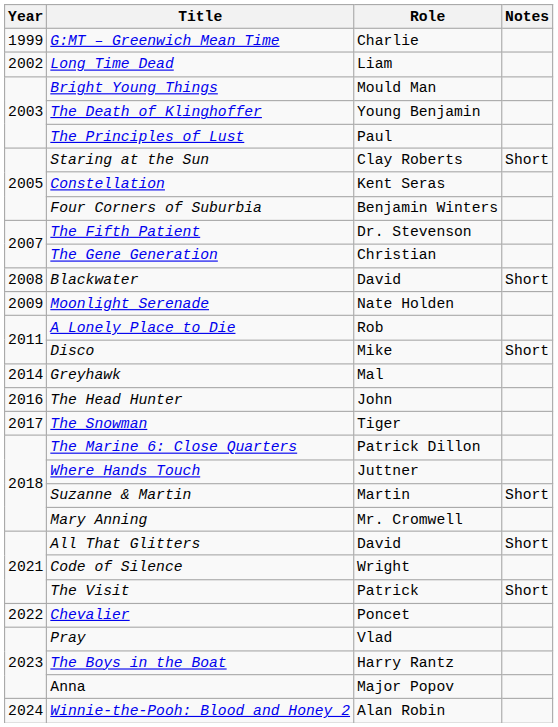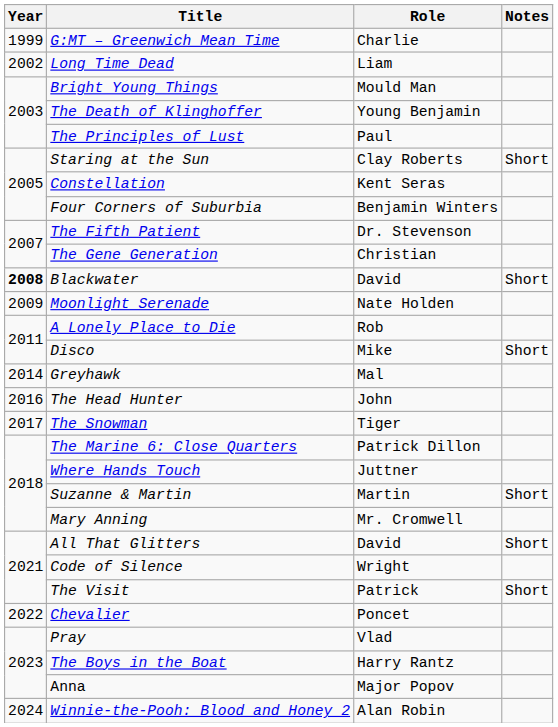 <table class="wikitable">
 <tr>
 <th>Year</th>
 <th>Title</th>
 <th>Role</th>
 <th>Notes</th>
 </tr>
 <tr>
 <td>1999</td>
 <td><em><a href='#'>G:MT – Greenwich Mean Time</a></em></td>
 <td>Charlie</td>
 <td></td>
 </tr>
 <tr>
 <td>2002</td>
 <td><em><a href='#'>Long Time Dead</a></em></td>
 <td>Liam</td>
 <td></td>
 </tr>
 <tr>
 <td rowspan="3">2003</td>
 <td><em><a href='#'>Bright Young Things</a></em></td>
 <td>Mould Man</td>
 <td></td>
 </tr>
 <tr>
 <td><em><a href='#'>The Death of Klinghoffer</a></em></td>
 <td>Young Benjamin</td>
 <td></td>
 </tr>
 <tr>
 <td><em><a href='#'>The Principles of Lust</a></em></td>
 <td>Paul</td>
 <td></td>
 </tr>
 <tr>
 <td rowspan="3">2005</td>
 <td><em>Staring at the Sun</em></td>
 <td>Clay Roberts</td>
 <td>Short</td>
 </tr>
 <tr>
 <td><em><a href='#'>Constellation</a></em></td>
 <td>Kent Seras</td>
 <td></td>
 </tr>
 <tr>
 <td><em>Four Corners of Suburbia</em></td>
 <td>Benjamin Winters</td>
 <td></td>
 </tr>
 <tr>
 <td rowspan="2">2007</td>
 <td><em><a href='#'>The Fifth Patient</a></em></td>
 <td>Dr. Stevenson</td>
 <td></td>
 </tr>
 <tr>
 <td><em><a href='#'>The Gene Generation</a></em></td>
 <td>Christian</td>
 <td></td>
 </tr>
 <tr>
-<td>2008</td>
+<td><strong>2008</strong></td>
 <td><em>Blackwater</em></td>
 <td>David</td>
 <td>Short</td>
 </tr>
 <tr>
 <td>2009</td>
 <td><em><a href='#'>Moonlight Serenade</a></em></td>
 <td>Nate Holden</td>
 <td></td>
 </tr>
 <tr>
 <td rowspan="2">2011</td>
 <td><em><a href='#'>A Lonely Place to Die</a></em></td>
 <td>Rob</td>
 <td></td>
 </tr>
 <tr>
 <td><em>Disco</em></td>
 <td>Mike</td>
 <td>Short</td>
 </tr>
 <tr>
 <td>2014</td>
 <td><em>Greyhawk</em></td>
 <td>Mal</td>
 <td></td>
 </tr>
 <tr>
 <td>2016</td>
 <td><em>The Head Hunter</em></td>
 <td>John</td>
 <td></td>
 </tr>
 <tr>
 <td>2017</td>
 <td><em><a href='#'>The Snowman</a></em></td>
 <td>Tiger</td>
 <td></td>
 </tr>
 <tr>
 <td rowspan="4">2018</td>
 <td><em><a href='#'>The Marine 6: Close Quarters</a></em></td>
 <td>Patrick Dillon</td>
 <td></td>
 </tr>
 <tr>
 <td><em><a href='#'>Where Hands Touch</a></em></td>
 <td>Juttner</td>
 <td></td>
 </tr>
 <tr>
 <td><em>Suzanne & Martin</em></td>
 <td>Martin</td>
 <td>Short</td>
 </tr>
 <tr>
 <td><em>Mary Anning</em></td>
 <td>Mr. Cromwell</td>
 <td></td>
 </tr>
 <tr>
 <td rowspan="3">2021</td>
 <td><em>All That Glitters</em></td>
 <td>David</td>
 <td>Short</td>
 </tr>
 <tr>
 <td><em>Code of Silence</em></td>
 <td>Wright</td>
 <td></td>
 </tr>
 <tr>
 <td><em>The Visit</em></td>
 <td>Patrick</td>
 <td>Short</td>
 </tr>
 <tr>
 <td>2022</td>
 <td><em><a href='#'>Chevalier</a></em></td>
 <td>Poncet</td>
 <td></td>
 </tr>
 <tr>
 <td rowspan="3">2023</td>
 <td><em>Pray</em></td>
 <td>Vlad</td>
 <td></td>
 </tr>
 <tr>
 <td><em><a href='#'>The Boys in the Boat</a></em></td>
 <td>Harry Rantz</td>
 <td></td>
 </tr>
 <tr>
 <td>Anna</td>
 <td>Major Popov</td>
 <td></td>
 </tr>
 <tr>
 <td>2024</td>
 <td><em><a href='#'>Winnie-the-Pooh: Blood and Honey 2</a></em></td>
 <td>Alan Robin</td>
 <td></td>
 </tr>
 </table>
